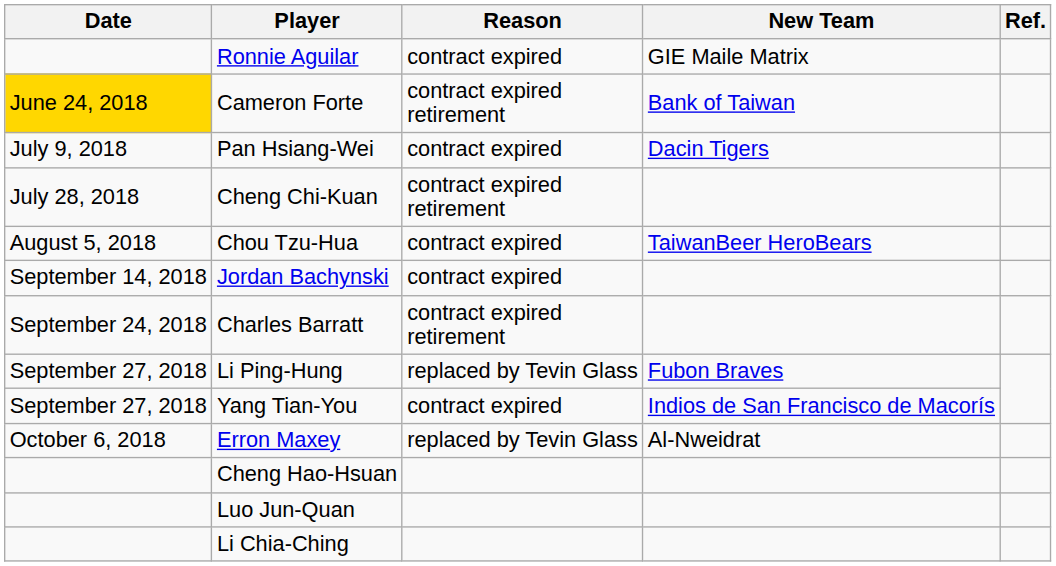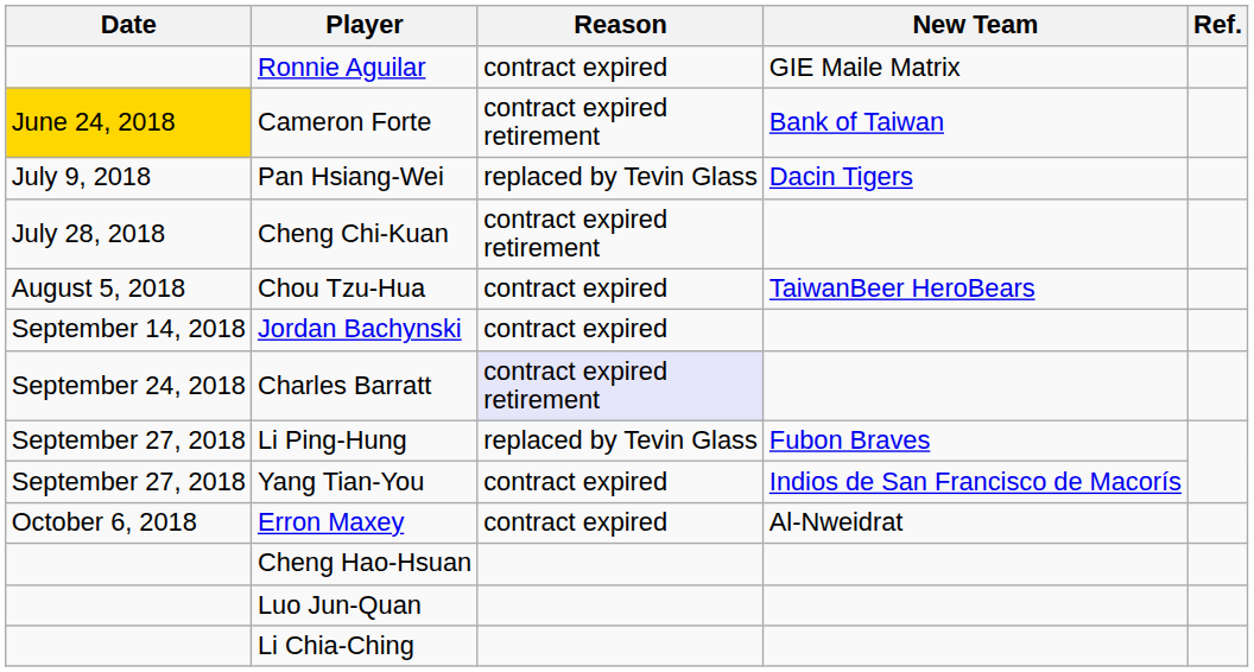 <table class="wikitable">
 <tr>
 <th>Date</th>
 <th>Player</th>
 <th>Reason</th>
 <th>New Team</th>
 <th>Ref.</th>
 </tr>
 <tr>
 <td></td>
 <td><a href='#'>Ronnie Aguilar</a></td>
 <td>contract expired</td>
 <td>GIE Maile Matrix</td>
 <td></td>
 </tr>
 <tr>
 <td style="background: gold;">June 24, 2018</td>
 <td>Cameron Forte</td>
 <td>contract expired<br>retirement</td>
 <td><a href='#'>Bank of Taiwan</a></td>
 <td></td>
 </tr>
 <tr>
 <td>July 9, 2018</td>
 <td>Pan Hsiang-Wei</td>
-<td>contract expired</td>
+<td>replaced by Tevin Glass</td>
 <td><a href='#'>Dacin Tigers</a></td>
 <td></td>
 </tr>
 <tr>
 <td>July 28, 2018</td>
 <td>Cheng Chi-Kuan</td>
 <td>contract expired<br>retirement</td>
 <td></td>
 <td></td>
 </tr>
 <tr>
 <td>August 5, 2018</td>
 <td>Chou Tzu-Hua</td>
 <td>contract expired</td>
 <td><a href='#'>TaiwanBeer HeroBears</a></td>
 <td></td>
 </tr>
 <tr>
 <td>September 14, 2018</td>
 <td><a href='#'>Jordan Bachynski</a></td>
 <td>contract expired</td>
 <td></td>
 <td></td>
 </tr>
 <tr>
 <td>September 24, 2018</td>
 <td>Charles Barratt</td>
-<td>contract expired<br>retirement</td>
+<td style="background: lavender;">contract expired<br>retirement</td>
 <td></td>
 <td></td>
 </tr>
 <tr>
 <td>September 27, 2018</td>
 <td>Li Ping-Hung</td>
 <td>replaced by Tevin Glass</td>
 <td><a href='#'>Fubon Braves</a></td>
 <td rowspan=2></td>
 </tr>
 <tr>
 <td>September 27, 2018</td>
 <td>Yang Tian-You</td>
 <td>contract expired</td>
 <td><a href='#'>Indios de San Francisco de Macorís</a></td>
 </tr>
 <tr>
 <td>October 6, 2018</td>
 <td><a href='#'>Erron Maxey</a></td>
-<td>replaced by Tevin Glass</td>
+<td>contract expired</td>
 <td>Al-Nweidrat</td>
 <td></td>
 </tr>
 <tr>
 <td></td>
 <td>Cheng Hao-Hsuan</td>
 <td></td>
 <td></td>
 <td></td>
 </tr>
 <tr>
 <td></td>
 <td>Luo Jun-Quan</td>
 <td></td>
 <td></td>
 <td></td>
 </tr>
 <tr>
 <td></td>
 <td>Li Chia-Ching</td>
 <td></td>
 <td></td>
 <td></td>
 </tr>
 </table>
